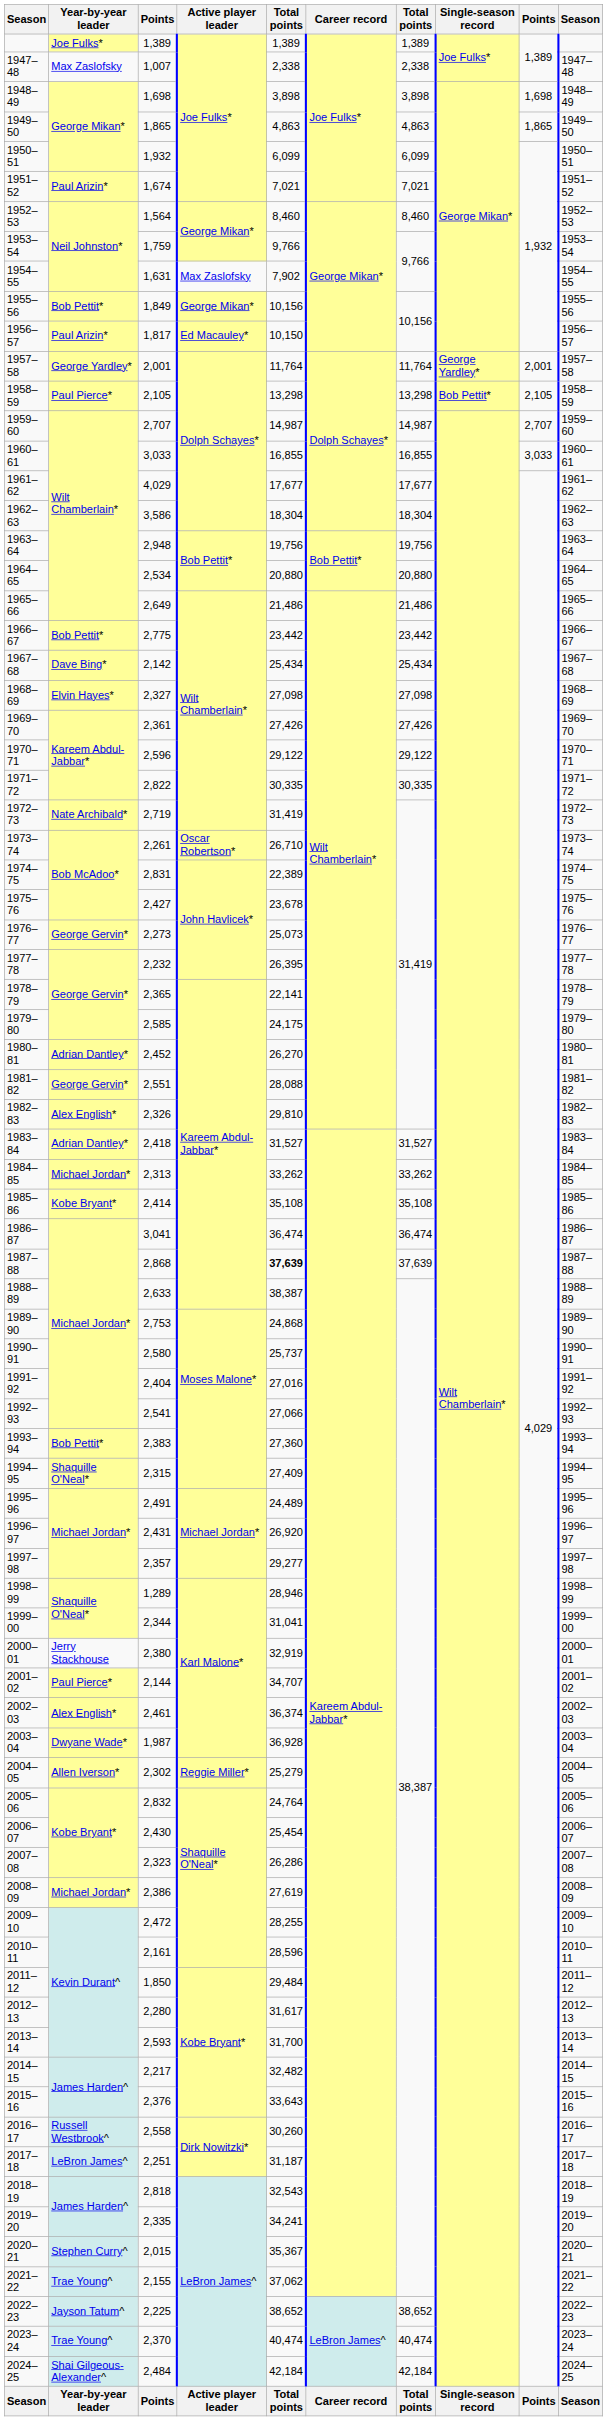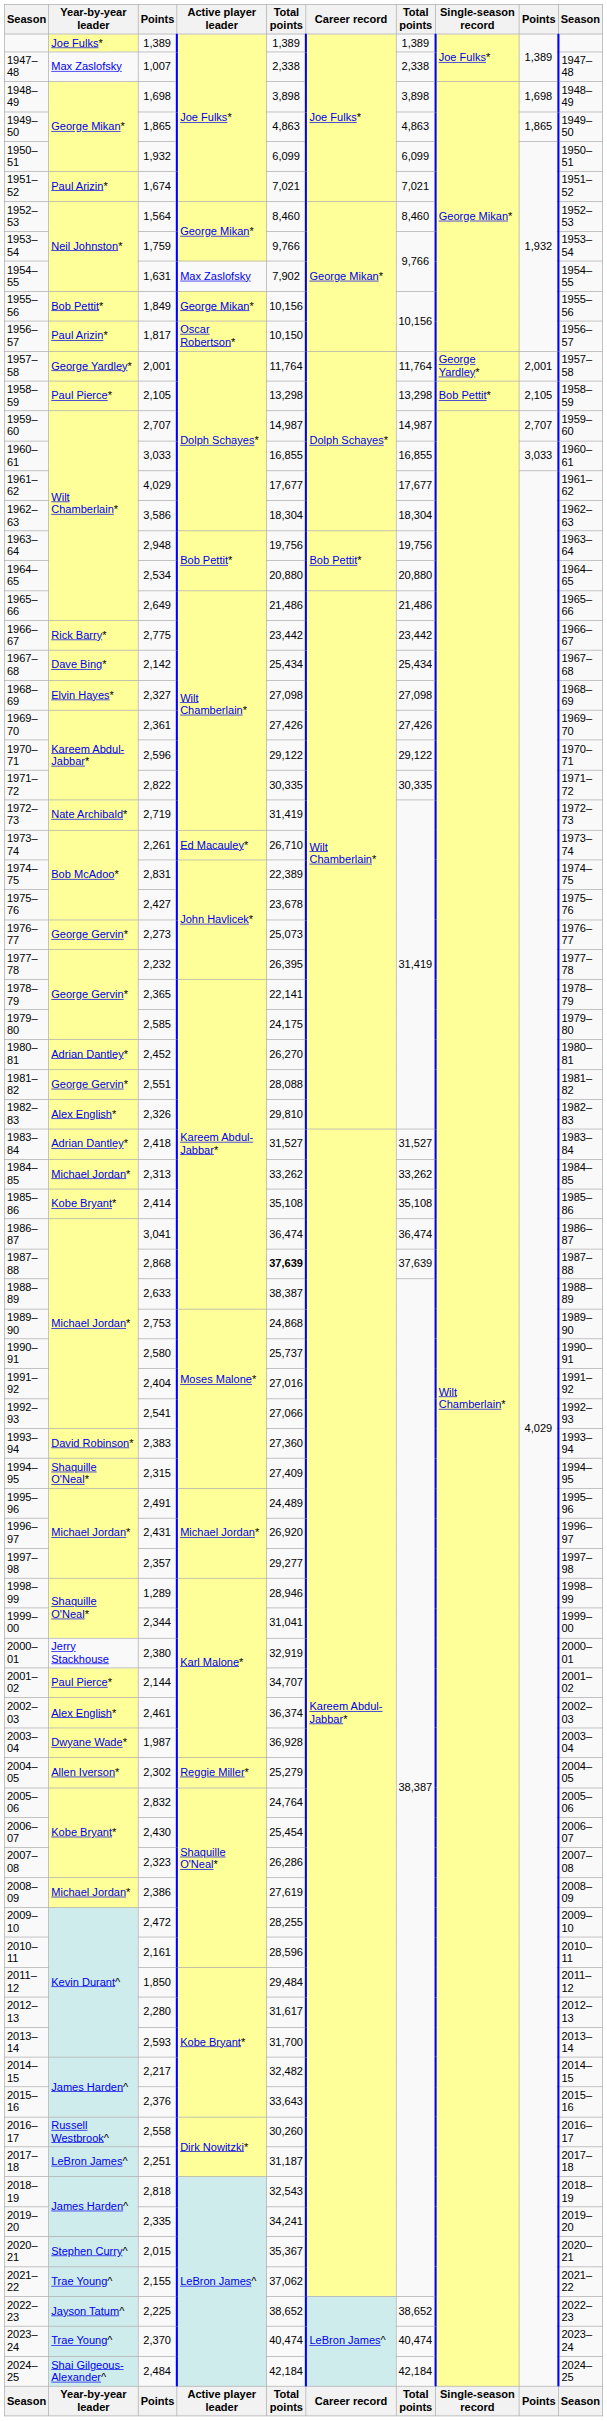 <table class="wikitable">
 <tr>
 <th width=7%>Season</th>
 <th width=18%>Year-by-year leader</th>
 <th>Points</th>
 <th width=18%>Active player leader</th>
 <th>Total points</th>
 <th width=18%>Career record</th>
 <th>Total points</th>
 <th width=16%>Single-season record</th>
 <th>Points</th>
 <th width=7%>Season</th>
 </tr>
 <tr>
 <td></td>
 <td bgcolor="#FFFF99"><a href='#'>Joe Fulks</a>*</td>
 <td align=center style="border-right: solid blue">1,389</td>
 <td bgcolor="#FFFF99" rowspan="6"><a href='#'>Joe Fulks</a>*</td>
 <td align=center style="border-right: solid blue">1,389</td>
 <td bgcolor="#FFFF99" rowspan="6"><a href='#'>Joe Fulks</a>*</td>
 <td align=center style="border-right: solid blue">1,389</td>
 <td bgcolor="#FFFF99" rowspan="2"><a href='#'>Joe Fulks</a>*</td>
 <td rowspan=2 align=center style="border-right: solid blue">1,389</td>
 <td></td>
 </tr>
 <tr>
 <td>1947–48</td>
 <td><a href='#'>Max Zaslofsky</a></td>
 <td align=center style="border-right: solid blue">1,007</td>
 <td align=center style="border-right: solid blue">2,338</td>
 <td align=center style="border-right: solid blue">2,338</td>
 <td>1947–48</td>
 </tr>
 <tr>
 <td>1948–49</td>
 <td bgcolor="#FFFF99" rowspan="3"><a href='#'>George Mikan</a>*</td>
 <td align=center style="border-right: solid blue">1,698</td>
 <td align=center style="border-right: solid blue">3,898</td>
 <td align=center style="border-right: solid blue">3,898</td>
 <td bgcolor="#FFFF99" rowspan="9"><a href='#'>George Mikan</a>*</td>
 <td align=center style="border-right: solid blue">1,698</td>
 <td>1948–49</td>
 </tr>
 <tr>
 <td>1949–50</td>
 <td align=center style="border-right: solid blue">1,865</td>
 <td align=center style="border-right: solid blue">4,863</td>
 <td align=center style="border-right: solid blue">4,863</td>
 <td align=center style="border-right: solid blue">1,865</td>
 <td>1949–50</td>
 </tr>
 <tr>
 <td>1950–51</td>
 <td align=center style="border-right: solid blue">1,932</td>
 <td align=center style="border-right: solid blue">6,099</td>
 <td align=center style="border-right: solid blue">6,099</td>
 <td rowspan=7 align=center style="border-right: solid blue">1,932</td>
 <td>1950–51</td>
 </tr>
 <tr>
 <td>1951–52</td>
 <td bgcolor="#FFFF99"><a href='#'>Paul Arizin</a>*</td>
 <td align=center style="border-right: solid blue">1,674</td>
 <td align=center style="border-right: solid blue">7,021</td>
 <td align=center style="border-right: solid blue">7,021</td>
 <td>1951–52</td>
 </tr>
 <tr>
 <td>1952–53</td>
 <td bgcolor="#FFFF99" rowspan="3"><a href='#'>Neil Johnston</a>*</td>
 <td align=center style="border-right: solid blue">1,564</td>
 <td bgcolor="#FFFF99" rowspan="2"><a href='#'>George Mikan</a>*</td>
 <td align=center style="border-right: solid blue">8,460</td>
 <td bgcolor="#FFFF99" rowspan="5"><a href='#'>George Mikan</a>*</td>
 <td align=center style="border-right: solid blue">8,460</td>
 <td>1952–53</td>
 </tr>
 <tr>
 <td>1953–54</td>
 <td align=center style="border-right: solid blue">1,759</td>
 <td align=center style="border-right: solid blue">9,766</td>
 <td rowspan=2 align=center style="border-right: solid blue">9,766</td>
 <td>1953–54</td>
 </tr>
 <tr>
 <td>1954–55</td>
 <td align=center style="border-right: solid blue">1,631</td>
 <td><a href='#'>Max Zaslofsky</a></td>
 <td align=center style="border-right: solid blue">7,902</td>
 <td>1954–55</td>
 </tr>
 <tr>
 <td>1955–56</td>
 <td bgcolor="#FFFF99"><a href='#'>Bob Pettit</a>*</td>
 <td align=center style="border-right: solid blue">1,849</td>
 <td bgcolor="#FFFF99"><a href='#'>George Mikan</a>*</td>
 <td align=center style="border-right: solid blue">10,156</td>
 <td rowspan=2 align=center style="border-right: solid blue">10,156</td>
 <td>1955–56</td>
 </tr>
 <tr>
 <td>1956–57</td>
 <td bgcolor="#FFFF99"><a href='#'>Paul Arizin</a>*</td>
 <td align=center style="border-right: solid blue">1,817</td>
-<td bgcolor="#FFFF99"><a href='#'>Ed Macauley</a>*</td>
+<td bgcolor="#FFFF99"><a href='#'>Oscar Robertson</a>*</td>
 <td align=center style="border-right: solid blue">10,150</td>
 <td>1956–57</td>
 </tr>
 <tr>
 <td>1957–58</td>
 <td bgcolor="#FFFF99"><a href='#'>George Yardley</a>*</td>
 <td align=center style="border-right: solid blue">2,001</td>
 <td bgcolor="#FFFF99" rowspan="6"><a href='#'>Dolph Schayes</a>*</td>
 <td align=center style="border-right: solid blue">11,764</td>
 <td bgcolor="#FFFF99" rowspan="6"><a href='#'>Dolph Schayes</a>*</td>
 <td align=center style="border-right: solid blue">11,764</td>
 <td bgcolor="#FFFF99"><a href='#'>George Yardley</a>*</td>
 <td align=center style="border-right: solid blue">2,001</td>
 <td>1957–58</td>
 </tr>
 <tr>
 <td>1958–59</td>
 <td bgcolor="#FFFF99"><a href='#'>Paul Pierce</a>*</td>
 <td align=center style="border-right: solid blue">2,105</td>
 <td align=center style="border-right: solid blue">13,298</td>
 <td align=center style="border-right: solid blue">13,298</td>
 <td bgcolor="#FFFF99"><a href='#'>Bob Pettit</a>*</td>
 <td align=center style="border-right: solid blue">2,105</td>
 <td>1958–59</td>
 </tr>
 <tr>
 <td>1959–60</td>
 <td bgcolor="#FFFF99" rowspan="7"><a href='#'>Wilt Chamberlain</a>*<br><br><br></td>
 <td align=center style="border-right: solid blue">2,707</td>
 <td align=center style="border-right: solid blue">14,987</td>
 <td align=center style="border-right: solid blue">14,987</td>
 <td bgcolor="#FFFF99" rowspan="66"><a href='#'>Wilt Chamberlain</a>*</td>
 <td align=center style="border-right: solid blue">2,707</td>
 <td>1959–60</td>
 </tr>
 <tr>
 <td>1960–61</td>
 <td align=center style="border-right: solid blue">3,033</td>
 <td align=center style="border-right: solid blue">16,855</td>
 <td align=center style="border-right: solid blue">16,855</td>
 <td align=center style="border-right: solid blue">3,033</td>
 <td>1960–61</td>
 </tr>
 <tr>
 <td>1961–62</td>
 <td align=center style="border-right: solid blue">4,029</td>
 <td align=center style="border-right: solid blue">17,677</td>
 <td align=center style="border-right: solid blue">17,677</td>
 <td rowspan=64 align=center style="border-right: solid blue">4,029</td>
 <td>1961–62</td>
 </tr>
 <tr>
 <td>1962–63</td>
 <td align=center style="border-right: solid blue">3,586</td>
 <td align=center style="border-right: solid blue">18,304</td>
 <td align=center style="border-right: solid blue">18,304</td>
 <td>1962–63</td>
 </tr>
 <tr>
 <td>1963–64</td>
 <td align=center style="border-right: solid blue">2,948</td>
 <td bgcolor="#FFFF99" rowspan="2"><a href='#'>Bob Pettit</a>*</td>
 <td align=center style="border-right: solid blue">19,756</td>
 <td bgcolor="#FFFF99" rowspan="2"><a href='#'>Bob Pettit</a>*</td>
 <td align=center style="border-right: solid blue">19,756</td>
 <td>1963–64</td>
 </tr>
 <tr>
 <td>1964–65</td>
 <td align=center style="border-right: solid blue">2,534</td>
 <td align=center style="border-right: solid blue">20,880</td>
 <td align=center style="border-right: solid blue">20,880</td>
 <td>1964–65</td>
 </tr>
 <tr>
 <td>1965–66</td>
 <td align=center style="border-right: solid blue">2,649</td>
 <td bgcolor="#FFFF99" rowspan="8"><a href='#'>Wilt Chamberlain</a>*<br><br></td>
 <td align=center style="border-right: solid blue">21,486</td>
 <td bgcolor="#FFFF99" rowspan="18"><a href='#'>Wilt Chamberlain</a>*<br><br></td>
 <td align=center style="border-right: solid blue">21,486</td>
 <td>1965–66</td>
 </tr>
 <tr>
 <td>1966–67</td>
-<td bgcolor="#FFFF99"><a href='#'>Bob Pettit</a>*</td>
+<td bgcolor="#FFFF99"><a href='#'>Rick Barry</a>*</td>
 <td align=center style="border-right: solid blue">2,775</td>
 <td align=center style="border-right: solid blue">23,442</td>
 <td align=center style="border-right: solid blue">23,442</td>
 <td>1966–67</td>
 </tr>
 <tr>
 <td>1967–68</td>
 <td bgcolor="#FFFF99"><a href='#'>Dave Bing</a>*</td>
 <td align=center style="border-right: solid blue">2,142</td>
 <td align=center style="border-right: solid blue">25,434</td>
 <td align=center style="border-right: solid blue">25,434</td>
 <td>1967–68</td>
 </tr>
 <tr>
 <td>1968–69</td>
 <td bgcolor="#FFFF99"><a href='#'>Elvin Hayes</a>*</td>
 <td align=center style="border-right: solid blue">2,327</td>
 <td align=center style="border-right: solid blue">27,098</td>
 <td align=center style="border-right: solid blue">27,098</td>
 <td>1968–69</td>
 </tr>
 <tr>
 <td>1969–70</td>
 <td bgcolor="#FFFF99" rowspan="3"><a href='#'>Kareem Abdul-Jabbar</a>*</td>
 <td align=center style="border-right: solid blue">2,361</td>
 <td align=center style="border-right: solid blue">27,426</td>
 <td align=center style="border-right: solid blue">27,426</td>
 <td>1969–70</td>
 </tr>
 <tr>
 <td>1970–71</td>
 <td align=center style="border-right: solid blue">2,596</td>
 <td align=center style="border-right: solid blue">29,122</td>
 <td align=center style="border-right: solid blue">29,122</td>
 <td>1970–71</td>
 </tr>
 <tr>
 <td>1971–72</td>
 <td align=center style="border-right: solid blue">2,822</td>
 <td align=center style="border-right: solid blue">30,335</td>
 <td align=center style="border-right: solid blue">30,335</td>
 <td>1971–72</td>
 </tr>
 <tr>
 <td>1972–73</td>
 <td bgcolor="#FFFF99"><a href='#'>Nate Archibald</a>*</td>
 <td align=center style="border-right: solid blue">2,719</td>
 <td align=center style="border-right: solid blue">31,419</td>
 <td rowspan=11 align=center style="border-right: solid blue">31,419</td>
 <td>1972–73</td>
 </tr>
 <tr>
 <td>1973–74</td>
 <td bgcolor="#FFFF99" rowspan="3"><a href='#'>Bob McAdoo</a>*</td>
 <td align=center style="border-right: solid blue">2,261</td>
-<td bgcolor="#FFFF99"><a href='#'>Oscar Robertson</a>*</td>
+<td bgcolor="#FFFF99"><a href='#'>Ed Macauley</a>*</td>
 <td align=center style="border-right: solid blue">26,710</td>
 <td>1973–74</td>
 </tr>
 <tr>
 <td>1974–75</td>
 <td align=center style="border-right: solid blue">2,831</td>
 <td bgcolor="#FFFF99" rowspan="4"><a href='#'>John Havlicek</a>*</td>
 <td align=center style="border-right: solid blue">22,389</td>
 <td>1974–75</td>
 </tr>
 <tr>
 <td>1975–76</td>
 <td align=center style="border-right: solid blue">2,427</td>
 <td align=center style="border-right: solid blue">23,678</td>
 <td>1975–76</td>
 </tr>
 <tr>
 <td>1976–77</td>
 <td bgcolor="#FFFF99"><a href='#'>George Gervin</a>*</td>
 <td align=center style="border-right: solid blue">2,273</td>
 <td align=center style="border-right: solid blue">25,073</td>
 <td>1976–77</td>
 </tr>
 <tr>
 <td>1977–78</td>
 <td bgcolor="#FFFF99" rowspan="3"><a href='#'>George Gervin</a>*</td>
 <td align=center style="border-right: solid blue">2,232</td>
 <td align=center style="border-right: solid blue">26,395</td>
 <td>1977–78</td>
 </tr>
 <tr>
 <td>1978–79</td>
 <td align=center style="border-right: solid blue">2,365</td>
 <td bgcolor="#FFFF99" rowspan="11"><a href='#'>Kareem Abdul-Jabbar</a>*</td>
 <td align=center style="border-right: solid blue">22,141</td>
 <td>1978–79</td>
 </tr>
 <tr>
 <td>1979–80</td>
 <td align=center style="border-right: solid blue">2,585</td>
 <td align=center style="border-right: solid blue">24,175</td>
 <td>1979–80</td>
 </tr>
 <tr>
 <td>1980–81</td>
 <td bgcolor="#FFFF99"><a href='#'>Adrian Dantley</a>*</td>
 <td align=center style="border-right: solid blue">2,452</td>
 <td align=center style="border-right: solid blue">26,270</td>
 <td>1980–81</td>
 </tr>
 <tr>
 <td>1981–82</td>
 <td bgcolor="#FFFF99"><a href='#'>George Gervin</a>*</td>
 <td align=center style="border-right: solid blue">2,551</td>
 <td align=center style="border-right: solid blue">28,088</td>
 <td>1981–82</td>
 </tr>
 <tr>
 <td>1982–83</td>
 <td bgcolor="#FFFF99"><a href='#'>Alex English</a>*</td>
 <td align=center style="border-right: solid blue">2,326</td>
 <td align=center style="border-right: solid blue">29,810</td>
 <td>1982–83</td>
 </tr>
 <tr>
 <td>1983–84</td>
 <td bgcolor="#FFFF99"><a href='#'>Adrian Dantley</a>*</td>
 <td align=center style="border-right: solid blue">2,418</td>
 <td align=center style="border-right: solid blue">31,527</td>
 <td bgcolor="#FFFF99" rowspan="39"><a href='#'>Kareem Abdul-Jabbar</a>*</td>
 <td align=center style="border-right: solid blue">31,527</td>
 <td>1983–84</td>
 </tr>
 <tr>
 <td>1984–85</td>
 <td bgcolor="#FFFF99"><a href='#'>Michael Jordan</a>*</td>
 <td align=center style="border-right: solid blue">2,313</td>
 <td align=center style="border-right: solid blue">33,262</td>
 <td align=center style="border-right: solid blue">33,262</td>
 <td>1984–85</td>
 </tr>
 <tr>
 <td>1985–86</td>
 <td bgcolor="#FFFF99"><a href='#'>Kobe Bryant</a>*</td>
 <td align=center style="border-right: solid blue">2,414</td>
 <td align=center style="border-right: solid blue">35,108</td>
 <td align=center style="border-right: solid blue">35,108</td>
 <td>1985–86</td>
 </tr>
 <tr>
 <td>1986–87</td>
 <td bgcolor="#FFFF99" rowspan="7"><a href='#'>Michael Jordan</a>*</td>
 <td align=center style="border-right: solid blue">3,041</td>
 <td align=center style="border-right: solid blue">36,474</td>
 <td align=center style="border-right: solid blue">36,474</td>
 <td>1986–87</td>
 </tr>
 <tr>
 <td>1987–88</td>
 <td align=center style="border-right: solid blue">2,868</td>
 <td align=center style="border-right: solid blue"><strong>37,639</strong></td>
 <td align=center style="border-right: solid blue">37,639</td>
 <td>1987–88</td>
 </tr>
 <tr>
 <td>1988–89</td>
 <td align=center style="border-right: solid blue">2,633</td>
 <td align=center style="border-right: solid blue">38,387</td>
 <td rowspan=34 align=center style="border-right: solid blue">38,387</td>
 <td>1988–89</td>
 </tr>
 <tr>
 <td>1989–90</td>
 <td align=center style="border-right: solid blue">2,753</td>
 <td bgcolor="#FFFF99" rowspan="6"><a href='#'>Moses Malone</a>*<br><br><br><br></td>
 <td align=center style="border-right: solid blue">24,868</td>
 <td>1989–90</td>
 </tr>
 <tr>
 <td>1990–91</td>
 <td align=center style="border-right: solid blue">2,580</td>
 <td align=center style="border-right: solid blue">25,737</td>
 <td>1990–91</td>
 </tr>
 <tr>
 <td>1991–92</td>
 <td align=center style="border-right: solid blue">2,404</td>
 <td align=center style="border-right: solid blue">27,016</td>
 <td>1991–92</td>
 </tr>
 <tr>
 <td>1992–93</td>
 <td align=center style="border-right: solid blue">2,541</td>
 <td align=center style="border-right: solid blue">27,066</td>
 <td>1992–93</td>
 </tr>
 <tr>
 <td>1993–94</td>
-<td bgcolor="#FFFF99"><a href='#'>Bob Pettit</a>*</td>
+<td bgcolor="#FFFF99"><a href='#'>David Robinson</a>*</td>
 <td align=center style="border-right: solid blue">2,383</td>
 <td align=center style="border-right: solid blue">27,360</td>
 <td>1993–94</td>
 </tr>
 <tr>
 <td>1994–95</td>
 <td bgcolor="#FFFF99"><a href='#'>Shaquille O'Neal</a>*</td>
 <td align=center style="border-right: solid blue">2,315</td>
 <td align=center style="border-right: solid blue">27,409</td>
 <td>1994–95</td>
 </tr>
 <tr>
 <td>1995–96</td>
 <td bgcolor="#FFFF99" rowspan="3"><a href='#'>Michael Jordan</a>*</td>
 <td align=center style="border-right: solid blue">2,491</td>
 <td bgcolor="#FFFF99" rowspan="3"><a href='#'>Michael Jordan</a>*</td>
 <td align=center style="border-right: solid blue">24,489</td>
 <td>1995–96</td>
 </tr>
 <tr>
 <td>1996–97</td>
 <td align=center style="border-right: solid blue">2,431</td>
 <td align=center style="border-right: solid blue">26,920</td>
 <td>1996–97</td>
 </tr>
 <tr>
 <td>1997–98</td>
 <td align=center style="border-right: solid blue">2,357</td>
 <td align=center style="border-right: solid blue">29,277</td>
 <td>1997–98</td>
 </tr>
 <tr>
 <td>1998–99</td>
 <td bgcolor="#FFFF99" rowspan="2"><a href='#'>Shaquille O'Neal</a>*</td>
 <td align=center style="border-right: solid blue">1,289</td>
 <td bgcolor="#FFFF99" rowspan="6"><a href='#'>Karl Malone</a>*<br><br></td>
 <td align=center style="border-right: solid blue">28,946</td>
 <td>1998–99</td>
 </tr>
 <tr>
 <td>1999–00</td>
 <td align=center style="border-right: solid blue">2,344</td>
 <td align=center style="border-right: solid blue">31,041</td>
 <td>1999–00</td>
 </tr>
 <tr>
 <td>2000–01</td>
 <td><a href='#'>Jerry Stackhouse</a></td>
 <td align=center style="border-right: solid blue">2,380</td>
 <td align=center style="border-right: solid blue">32,919</td>
 <td>2000–01</td>
 </tr>
 <tr>
 <td>2001–02</td>
 <td bgcolor="#FFFF99"><a href='#'>Paul Pierce</a>*</td>
 <td align=center style="border-right: solid blue">2,144</td>
 <td align=center style="border-right: solid blue">34,707</td>
 <td>2001–02</td>
 </tr>
 <tr>
 <td>2002–03</td>
 <td bgcolor="#FFFF99"><a href='#'>Alex English</a>*</td>
 <td align=center style="border-right: solid blue">2,461</td>
 <td align=center style="border-right: solid blue">36,374</td>
 <td>2002–03</td>
 </tr>
 <tr>
 <td>2003–04</td>
 <td bgcolor="#FFFF99"><a href='#'>Dwyane Wade</a>*</td>
 <td align=center style="border-right: solid blue">1,987</td>
 <td align=center style="border-right: solid blue">36,928</td>
 <td>2003–04</td>
 </tr>
 <tr>
 <td>2004–05</td>
 <td bgcolor="#FFFF99"><a href='#'>Allen Iverson</a>*</td>
 <td align=center style="border-right: solid blue">2,302</td>
 <td bgcolor="#FFFF99"><a href='#'>Reggie Miller</a>*</td>
 <td align=center style="border-right: solid blue">25,279</td>
 <td>2004–05</td>
 </tr>
 <tr>
 <td>2005–06</td>
 <td bgcolor="#FFFF99" rowspan="3"><a href='#'>Kobe Bryant</a>*</td>
 <td align=center style="border-right: solid blue">2,832</td>
 <td bgcolor="#FFFF99" rowspan="6"><a href='#'>Shaquille O'Neal</a>*<br><br><br><br></td>
 <td align=center style="border-right: solid blue">24,764</td>
 <td>2005–06</td>
 </tr>
 <tr>
 <td>2006–07</td>
 <td align=center style="border-right: solid blue">2,430</td>
 <td align=center style="border-right: solid blue">25,454</td>
 <td>2006–07</td>
 </tr>
 <tr>
 <td>2007–08</td>
 <td align=center style="border-right: solid blue">2,323</td>
 <td align=center style="border-right: solid blue">26,286</td>
 <td>2007–08</td>
 </tr>
 <tr>
 <td>2008–09</td>
 <td bgcolor="#FFFF99"><a href='#'>Michael Jordan</a>*</td>
 <td align=center style="border-right: solid blue">2,386</td>
 <td align=center style="border-right: solid blue">27,619</td>
 <td>2008–09</td>
 </tr>
 <tr>
 <td>2009–10</td>
 <td bgcolor="#CFECEC" rowspan="5"><a href='#'>Kevin Durant</a>^</td>
 <td align=center style="border-right: solid blue">2,472</td>
 <td align=center style="border-right: solid blue">28,255</td>
 <td>2009–10</td>
 </tr>
 <tr>
 <td>2010–11</td>
 <td align=center style="border-right: solid blue">2,161</td>
 <td align=center style="border-right: solid blue">28,596</td>
 <td>2010–11</td>
 </tr>
 <tr>
 <td>2011–12</td>
 <td align=center style="border-right: solid blue">1,850</td>
 <td bgcolor="#FFFF99" rowspan="5"><a href='#'>Kobe Bryant</a>*</td>
 <td align=center style="border-right: solid blue">29,484</td>
 <td>2011–12</td>
 </tr>
 <tr>
 <td>2012–13</td>
 <td align=center style="border-right: solid blue">2,280</td>
 <td align=center style="border-right: solid blue">31,617</td>
 <td>2012–13</td>
 </tr>
 <tr>
 <td>2013–14</td>
 <td align=center style="border-right: solid blue">2,593</td>
 <td align=center style="border-right: solid blue">31,700</td>
 <td>2013–14</td>
 </tr>
 <tr>
 <td>2014–15</td>
 <td bgcolor="#CFECEC" rowspan="2"><a href='#'>James Harden</a>^</td>
 <td align=center style="border-right: solid blue">2,217</td>
 <td align=center style="border-right: solid blue">32,482</td>
 <td>2014–15</td>
 </tr>
 <tr>
 <td>2015–16</td>
 <td align=center style="border-right: solid blue">2,376</td>
 <td align=center style="border-right: solid blue">33,643</td>
 <td>2015–16</td>
 </tr>
 <tr>
 <td>2016–17</td>
 <td bgcolor="#CFECEC"><a href='#'>Russell Westbrook</a>^</td>
 <td align=center style="border-right: solid blue">2,558</td>
 <td bgcolor="#FFFF99" rowspan=2><a href='#'>Dirk Nowitzki</a>*</td>
 <td align=center style="border-right: solid blue">30,260</td>
 <td>2016–17</td>
 </tr>
 <tr>
 <td>2017–18</td>
 <td bgcolor="#CFECEC"><a href='#'>LeBron James</a>^</td>
 <td align=center style="border-right: solid blue">2,251</td>
 <td align=center style="border-right: solid blue">31,187</td>
 <td>2017–18</td>
 </tr>
 <tr>
 <td>2018–19</td>
 <td bgcolor="#CFECEC" rowspan=2><a href='#'>James Harden</a>^</td>
 <td align=center style="border-right: solid blue">2,818</td>
 <td bgcolor="#CFECEC" rowspan=7><a href='#'>LeBron James</a>^</td>
 <td align=center style="border-right: solid blue">32,543</td>
 <td>2018–19</td>
 </tr>
 <tr>
 <td>2019–20</td>
 <td align=center style="border-right: solid blue">2,335</td>
 <td align=center style="border-right: solid blue">34,241</td>
 <td>2019–20</td>
 </tr>
 <tr>
 <td>2020–21</td>
 <td bgcolor="#CFECEC"><a href='#'>Stephen Curry</a>^</td>
 <td align=center style="border-right: solid blue">2,015</td>
 <td align=center style="border-right: solid blue">35,367</td>
 <td>2020–21</td>
 </tr>
 <tr>
 <td>2021–22</td>
 <td bgcolor="#CFECEC"><a href='#'>Trae Young</a>^</td>
 <td align=center style="border-right: solid blue">2,155</td>
 <td align=center style="border-right: solid blue">37,062</td>
 <td>2021–22</td>
 </tr>
 <tr>
 <td>2022–23</td>
 <td bgcolor="#CFECEC"><a href='#'>Jayson Tatum</a>^</td>
 <td align=center style="border-right: solid blue">2,225</td>
 <td style="border-right: solid blue" align="center">38,652</td>
 <td rowspan="3" bgcolor="#CFECEC"><a href='#'>LeBron James</a>^</td>
 <td align=center style="border-right: solid blue">38,652</td>
 <td>2022–23</td>
 </tr>
 <tr>
 <td>2023–24</td>
 <td bgcolor="#CFECEC"><a href='#'>Trae Young</a>^</td>
 <td align=center style="border-right: solid blue">2,370</td>
 <td style="border-right: solid blue" align="center">40,474</td>
 <td style="border-right: solid blue" align="center">40,474</td>
 <td>2023–24</td>
 </tr>
 <tr>
 <td>2024–25</td>
 <td bgcolor="#CFECEC"><a href='#'>Shai Gilgeous-Alexander</a>^</td>
 <td align=center style="border-right: solid blue">2,484</td>
 <td style="border-right: solid blue" align="center">42,184</td>
 <td style="border-right: solid blue" align="center">42,184</td>
 <td>2024–25</td>
 </tr>
 <tr>
 <th>Season</th>
 <th>Year-by-year leader</th>
 <th>Points</th>
 <th>Active player leader</th>
 <th>Total points</th>
 <th>Career record</th>
 <th>Total points</th>
 <th>Single-season record</th>
 <th>Points</th>
 <th>Season</th>
 </tr>
 </table>
